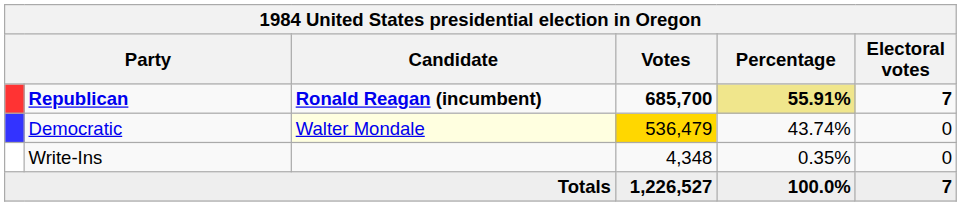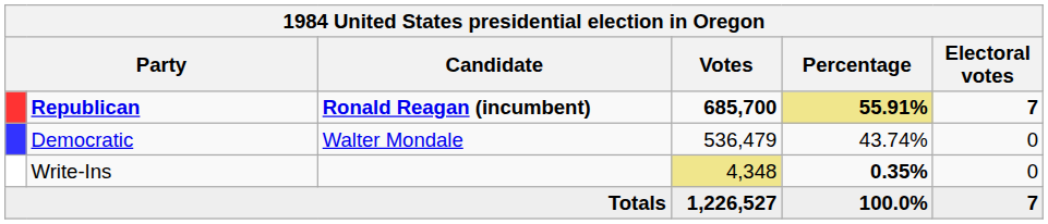 <table class="wikitable" style="font-size: 95%;">
 <tr>
 <th colspan="6">1984 United States presidential election in Oregon</th>
 </tr>
 <tr>
 <th colspan="2" style="width: 15em">Party</th>
 <th style="width: 17em">Candidate</th>
 <th style="width: 5em">Votes</th>
 <th style="width: 7em">Percentage</th>
 <th style="width: 5em">Electoral votes</th>
 </tr>
 <tr>
 <th style="background:#f33; width:3px;"></th>
 <td style="width: 130px"><strong><a href='#'>Republican</a></strong></td>
 <td><strong><a href='#'>Ronald Reagan</a></strong> <strong>(incumbent)</strong></td>
 <td style="text-align:right;"><strong>685,700</strong></td>
 <td style="background: khaki; text-align:right;"><strong>55.91%</strong></td>
 <td style="text-align:right;"><strong>7</strong></td>
 </tr>
 <tr>
 <th style="background:#33f; width:3px;"></th>
 <td style="width: 130px"><a href='#'>Democratic</a></td>
-<td style="background: lightyellow;"><a href='#'>Walter Mondale</a></td>
-<td style="background: gold; text-align:right;">536,479</td>
+<td><a href='#'>Walter Mondale</a></td>
+<td style="text-align:right;">536,479</td>
 <td style="text-align:right;">43.74%</td>
 <td style="text-align:right;">0</td>
 </tr>
 <tr>
 <th style="background:#FFFFFF; width:3px;"></th>
 <td style="width: 130px">Write-Ins</td>
 <td></td>
-<td style="text-align:right;">4,348</td>
-<td style="text-align:right;">0.35%</td>
+<td style="background: khaki; text-align:right;">4,348</td>
+<td style="text-align:right;"><strong>0.35%</strong></td>
 <td style="text-align:right;">0</td>
 </tr>
 <tr style="background:#eee; text-align:right;">
 <td colspan="3"><strong>Totals</strong></td>
 <td><strong>1,226,527</strong></td>
 <td><strong>100.0%</strong></td>
 <td><strong>7</strong></td>
 </tr>
 </table>
